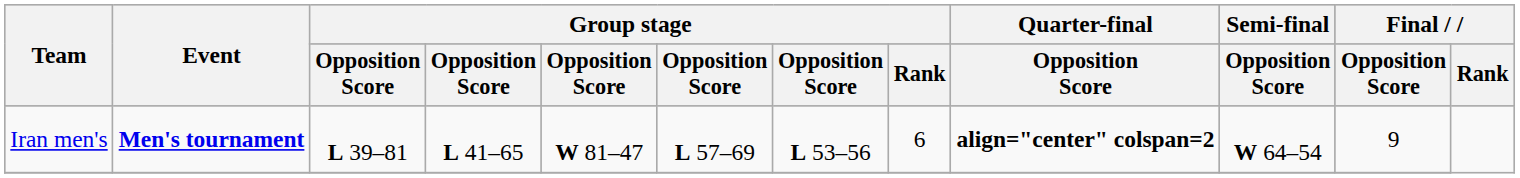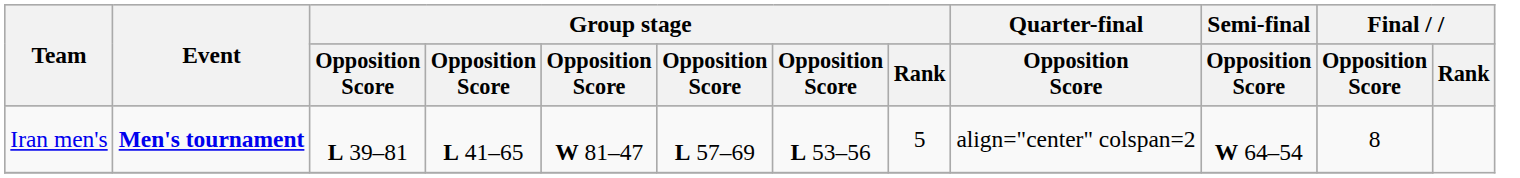 <table class="wikitable" style="font-size:90%">
 <tr>
 <th rowspan=2>Team</th>
 <th rowspan=2>Event</th>
 <th colspan=6>Group stage</th>
 <th>Quarter-final</th>
 <th>Semi-final</th>
 <th colspan=2>Final /  / </th>
 </tr>
 <tr style="font-size:95%">
 <th>Opposition<br>Score</th>
 <th>Opposition<br>Score</th>
 <th>Opposition<br>Score</th>
 <th>Opposition<br>Score</th>
 <th>Opposition<br>Score</th>
 <th>Rank</th>
 <th>Opposition<br>Score</th>
 <th>Opposition<br>Score</th>
 <th>Opposition<br>Score</th>
 <th>Rank</th>
 </tr>
 <tr align=center>
 <td align=left><a href='#'>Iran men's</a></td>
 <td align=left><strong><a href='#'>Men's tournament</a></strong></td>
 <td><br><strong>L</strong> 39–81</td>
 <td><br><strong>L</strong> 41–65</td>
 <td><br><strong>W</strong> 81–47</td>
 <td><br><strong>L</strong> 57–69</td>
 <td><br><strong>L</strong> 53–56</td>
-<td>6</td>
-<td><strong>align="center" colspan=2 </strong></td>
+<td>5</td>
+<td>align="center" colspan=2 </td>
 <td><br><strong>W</strong> 64–54</td>
-<td>9</td>
+<td>8</td>
 </tr>
 <tr>
 </tr>
 </table>
